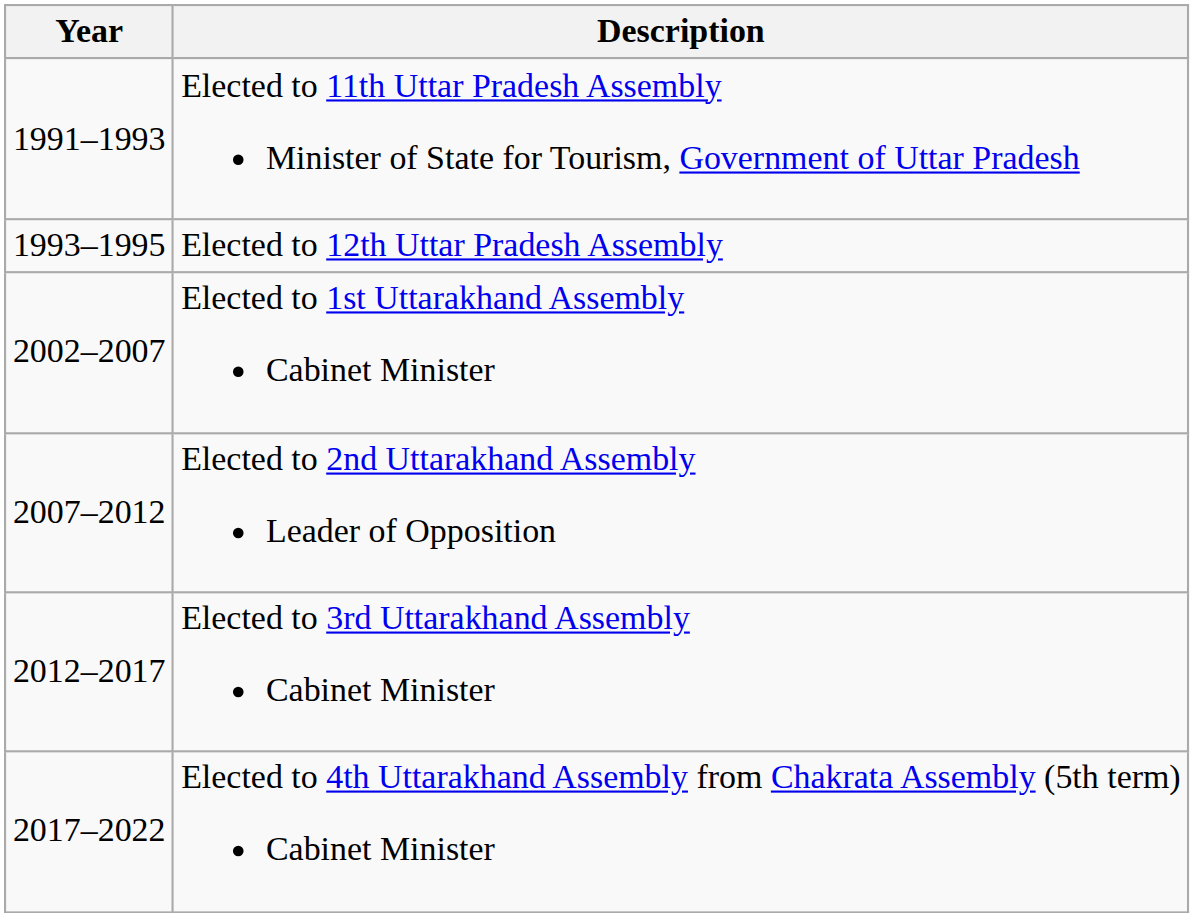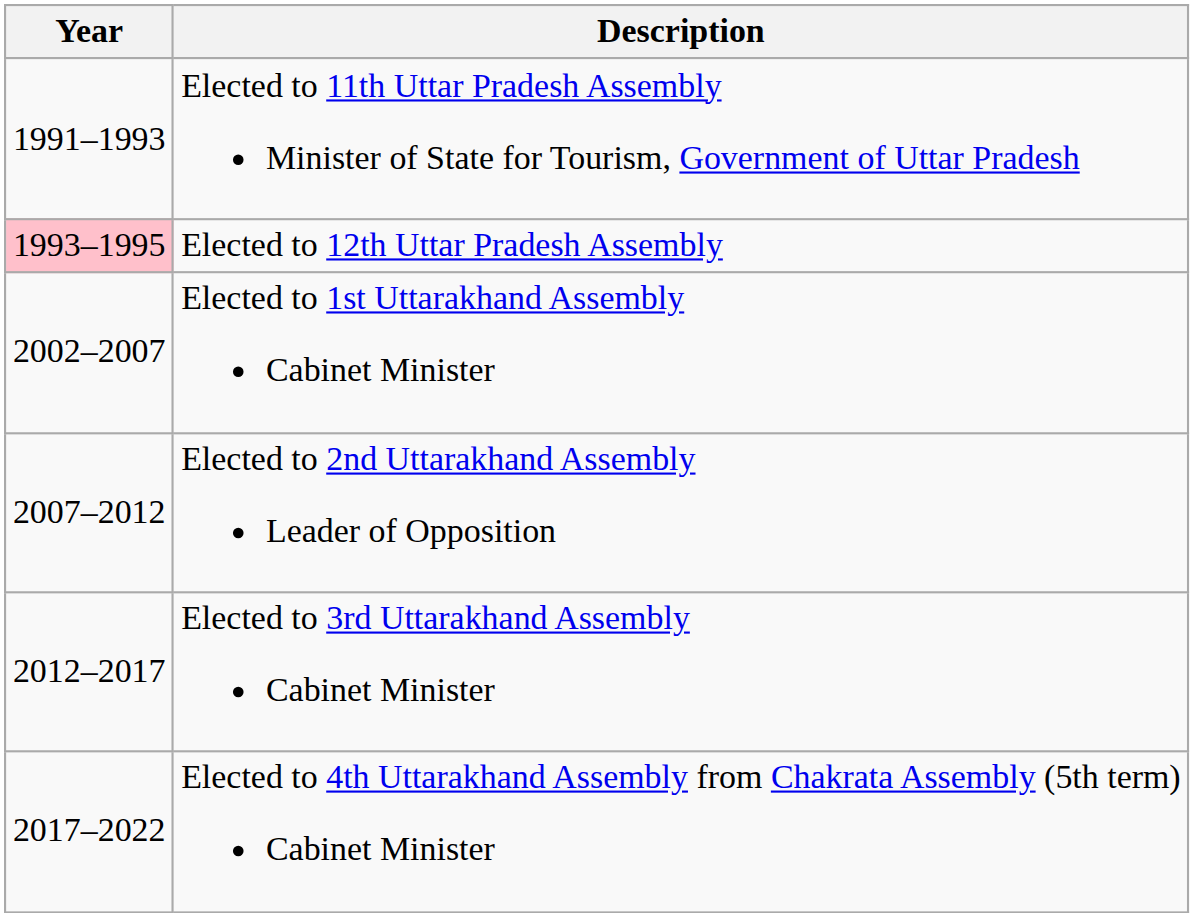 <table class="wikitable">
 <tr>
 <th>Year</th>
 <th>Description</th>
 </tr>
 <tr>
 <td>1991–1993</td>
 <td>Elected to <a href='#'>11th Uttar Pradesh Assembly</a><br><ul><li>Minister of State for Tourism, <a href='#'>Government of Uttar Pradesh</a> </li></ul></td>
 </tr>
 <tr>
-<td>1993–1995</td>
+<td style="background: pink;">1993–1995</td>
 <td>Elected to <a href='#'>12th Uttar Pradesh Assembly</a></td>
 </tr>
 <tr>
 <td>2002–2007</td>
 <td>Elected to <a href='#'>1st Uttarakhand Assembly</a><br><ul><li>Cabinet Minister</li></ul></td>
 </tr>
 <tr>
 <td>2007–2012</td>
 <td>Elected to <a href='#'>2nd Uttarakhand Assembly</a><br><ul><li>Leader of Opposition</li></ul></td>
 </tr>
 <tr>
 <td>2012–2017</td>
 <td>Elected to <a href='#'>3rd Uttarakhand Assembly</a><br><ul><li>Cabinet Minister</li></ul></td>
 </tr>
 <tr>
 <td>2017–2022</td>
 <td>Elected to <a href='#'>4th Uttarakhand Assembly</a> from <a href='#'>Chakrata Assembly</a> (5th term)<br><ul><li>Cabinet Minister</li></ul></td>
 </tr>
 </table>
